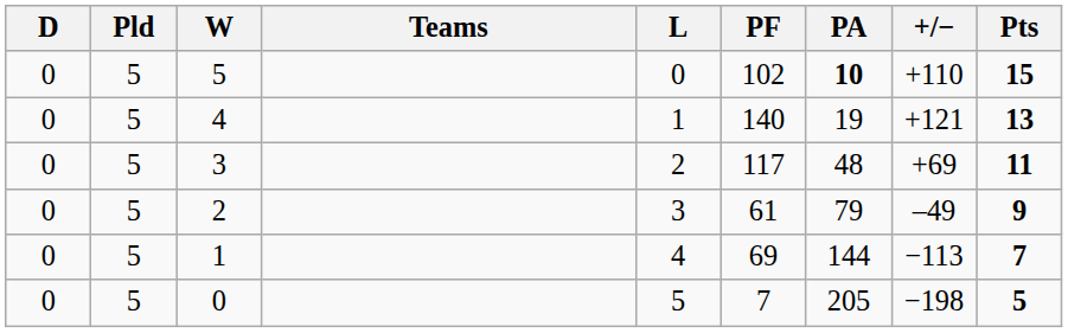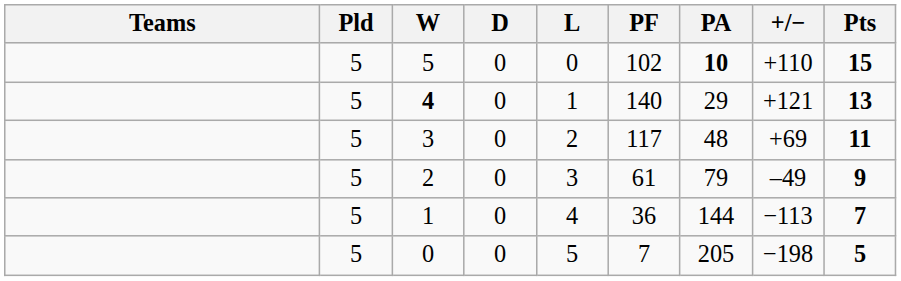 <table class="wikitable" style="text-align: center;">
 <tr>
-<th width="40">D</th>
+<th width="200">Teams</th>
 <th width="40">Pld</th>
 <th width="40">W</th>
-<th width="200">Teams</th>
+<th width="40">D</th>
 <th width="40">L</th>
 <th width="40">PF</th>
 <th width="40">PA</th>
 <th width="40">+/−</th>
 <th width="40">Pts</th>
 </tr>
 <tr>
-<td>0</td>
+<td align=left></td>
 <td>5</td>
 <td>5</td>
-<td align=left></td>
+<td>0</td>
 <td>0</td>
 <td>102</td>
 <td><strong>10</strong></td>
 <td>+110</td>
 <td><strong>15</strong></td>
 </tr>
 <tr>
+<td align=left></td>
+<td>5</td>
+<td><strong>4</strong></td>
 <td>0</td>
-<td>5</td>
-<td>4</td>
-<td align=left></td>
 <td>1</td>
 <td>140</td>
-<td>19</td>
+<td>29</td>
 <td>+121</td>
 <td><strong>13</strong></td>
 </tr>
 <tr>
-<td>0</td>
+<td align=left></td>
 <td>5</td>
 <td>3</td>
-<td align=left></td>
+<td>0</td>
 <td>2</td>
 <td>117</td>
 <td>48</td>
 <td>+69</td>
 <td><strong>11</strong></td>
 </tr>
 <tr>
-<td>0</td>
+<td align=left></td>
 <td>5</td>
 <td>2</td>
-<td align=left></td>
+<td>0</td>
 <td>3</td>
 <td>61</td>
 <td>79</td>
 <td>–49</td>
 <td><strong>9</strong></td>
 </tr>
 <tr>
-<td>0</td>
+<td align=left></td>
 <td>5</td>
 <td>1</td>
-<td align=left></td>
+<td>0</td>
 <td>4</td>
-<td>69</td>
+<td>36</td>
 <td>144</td>
 <td>−113</td>
 <td><strong>7</strong></td>
 </tr>
 <tr>
-<td>0</td>
+<td align=left></td>
 <td>5</td>
 <td>0</td>
-<td align=left></td>
+<td>0</td>
 <td>5</td>
 <td>7</td>
 <td>205</td>
 <td>−198</td>
 <td><strong>5</strong></td>
 </tr>
 </table>
